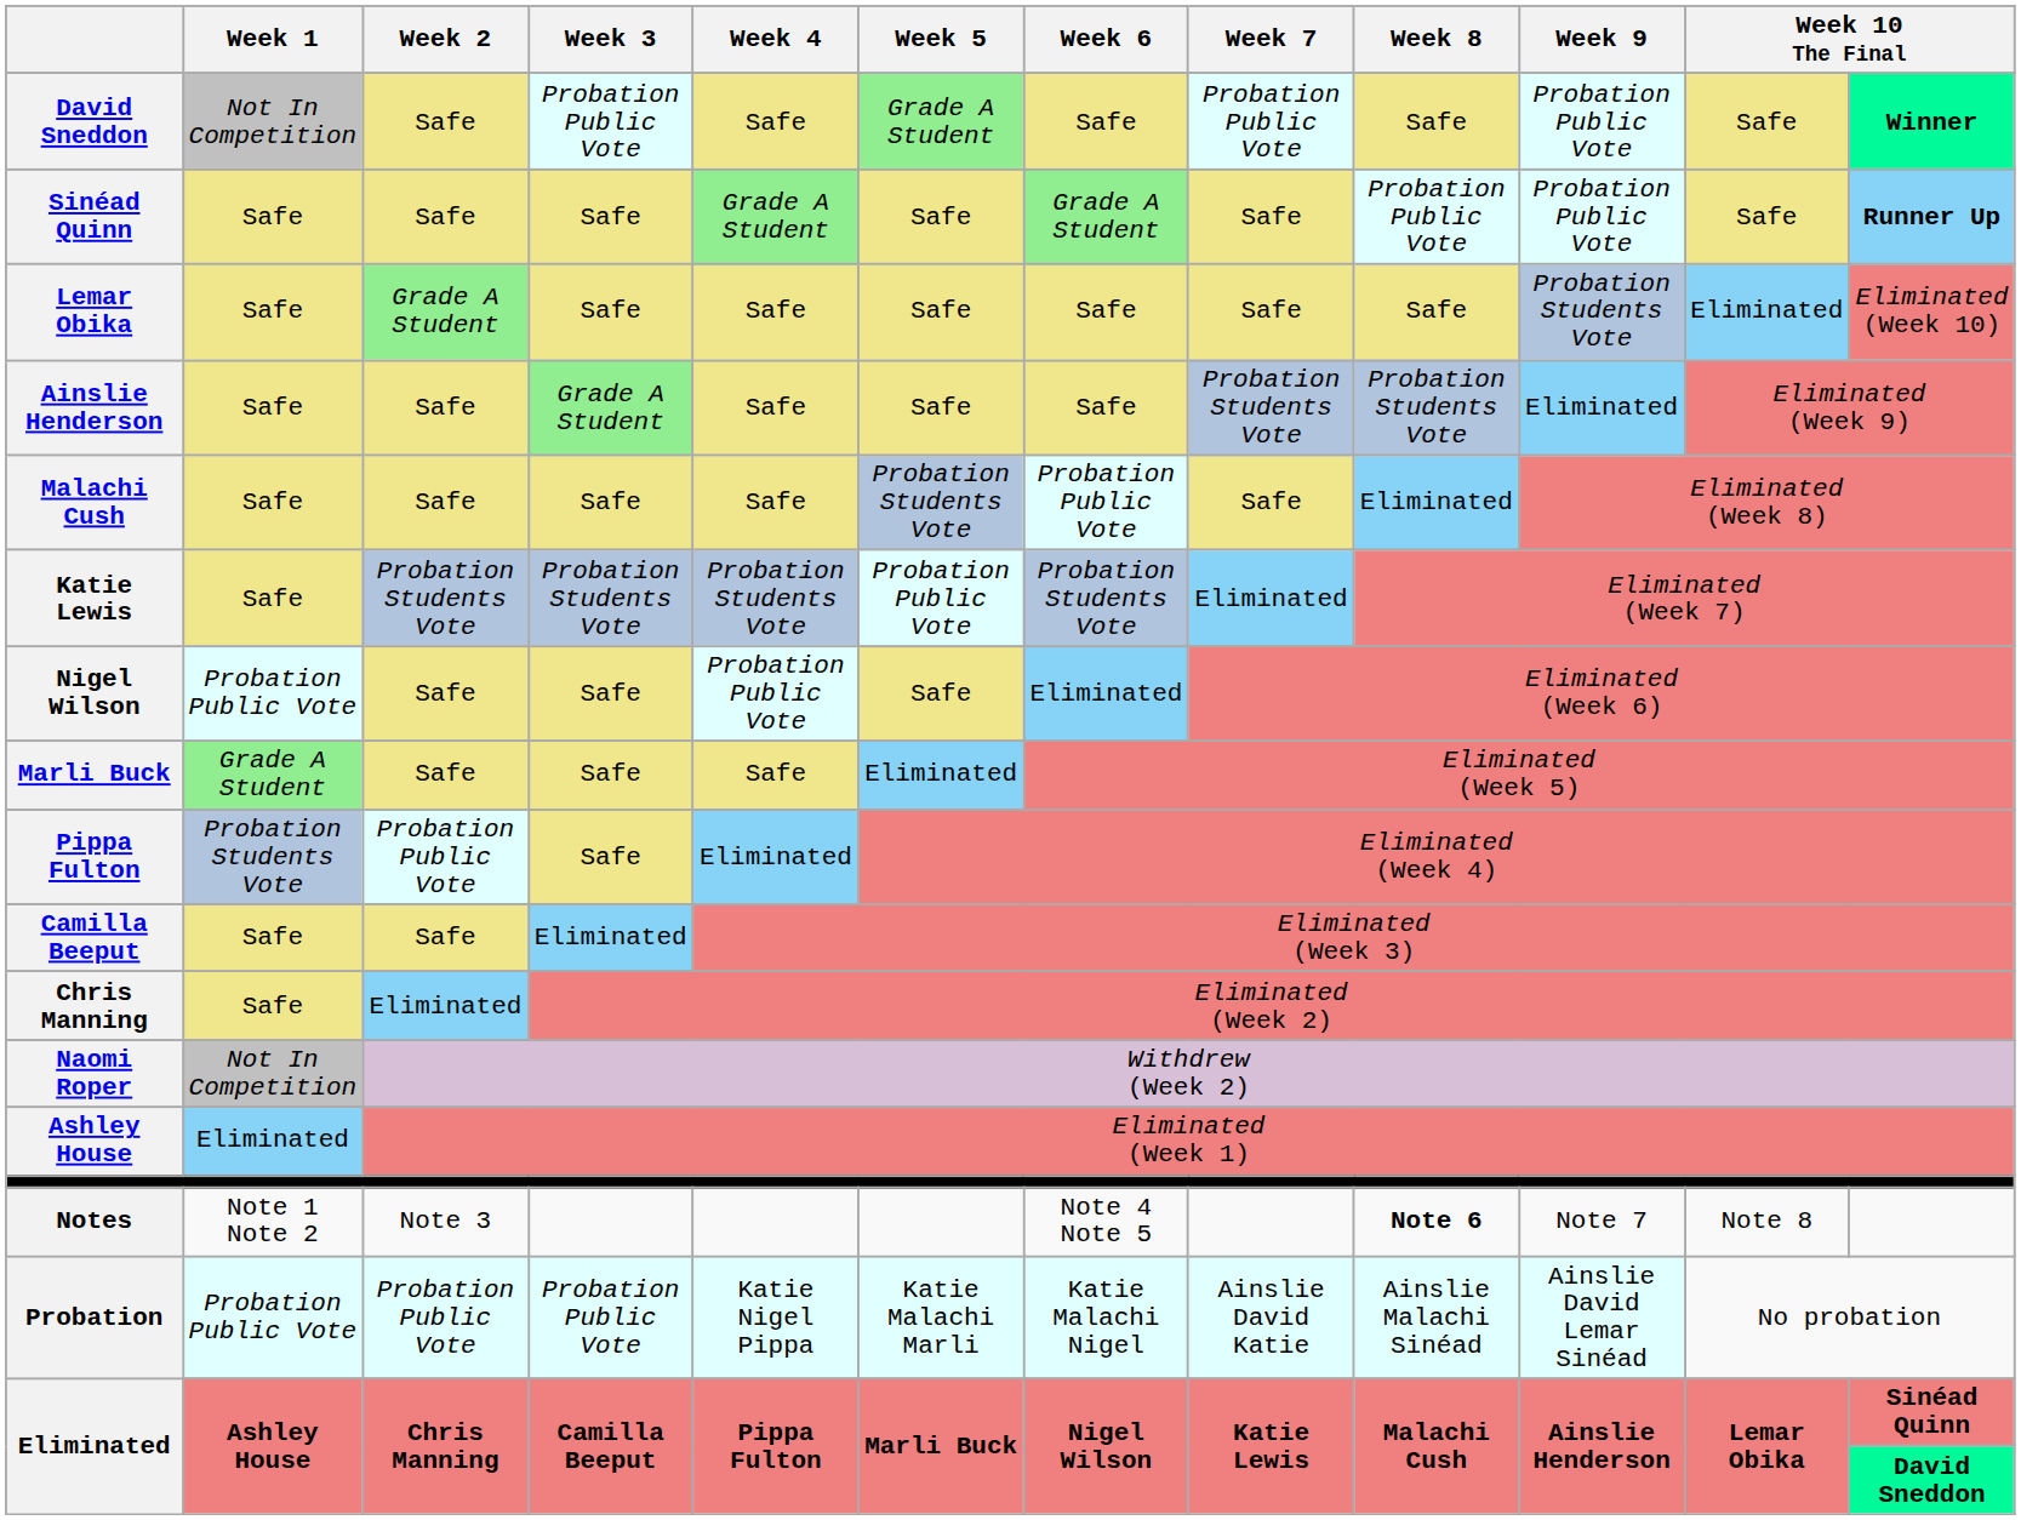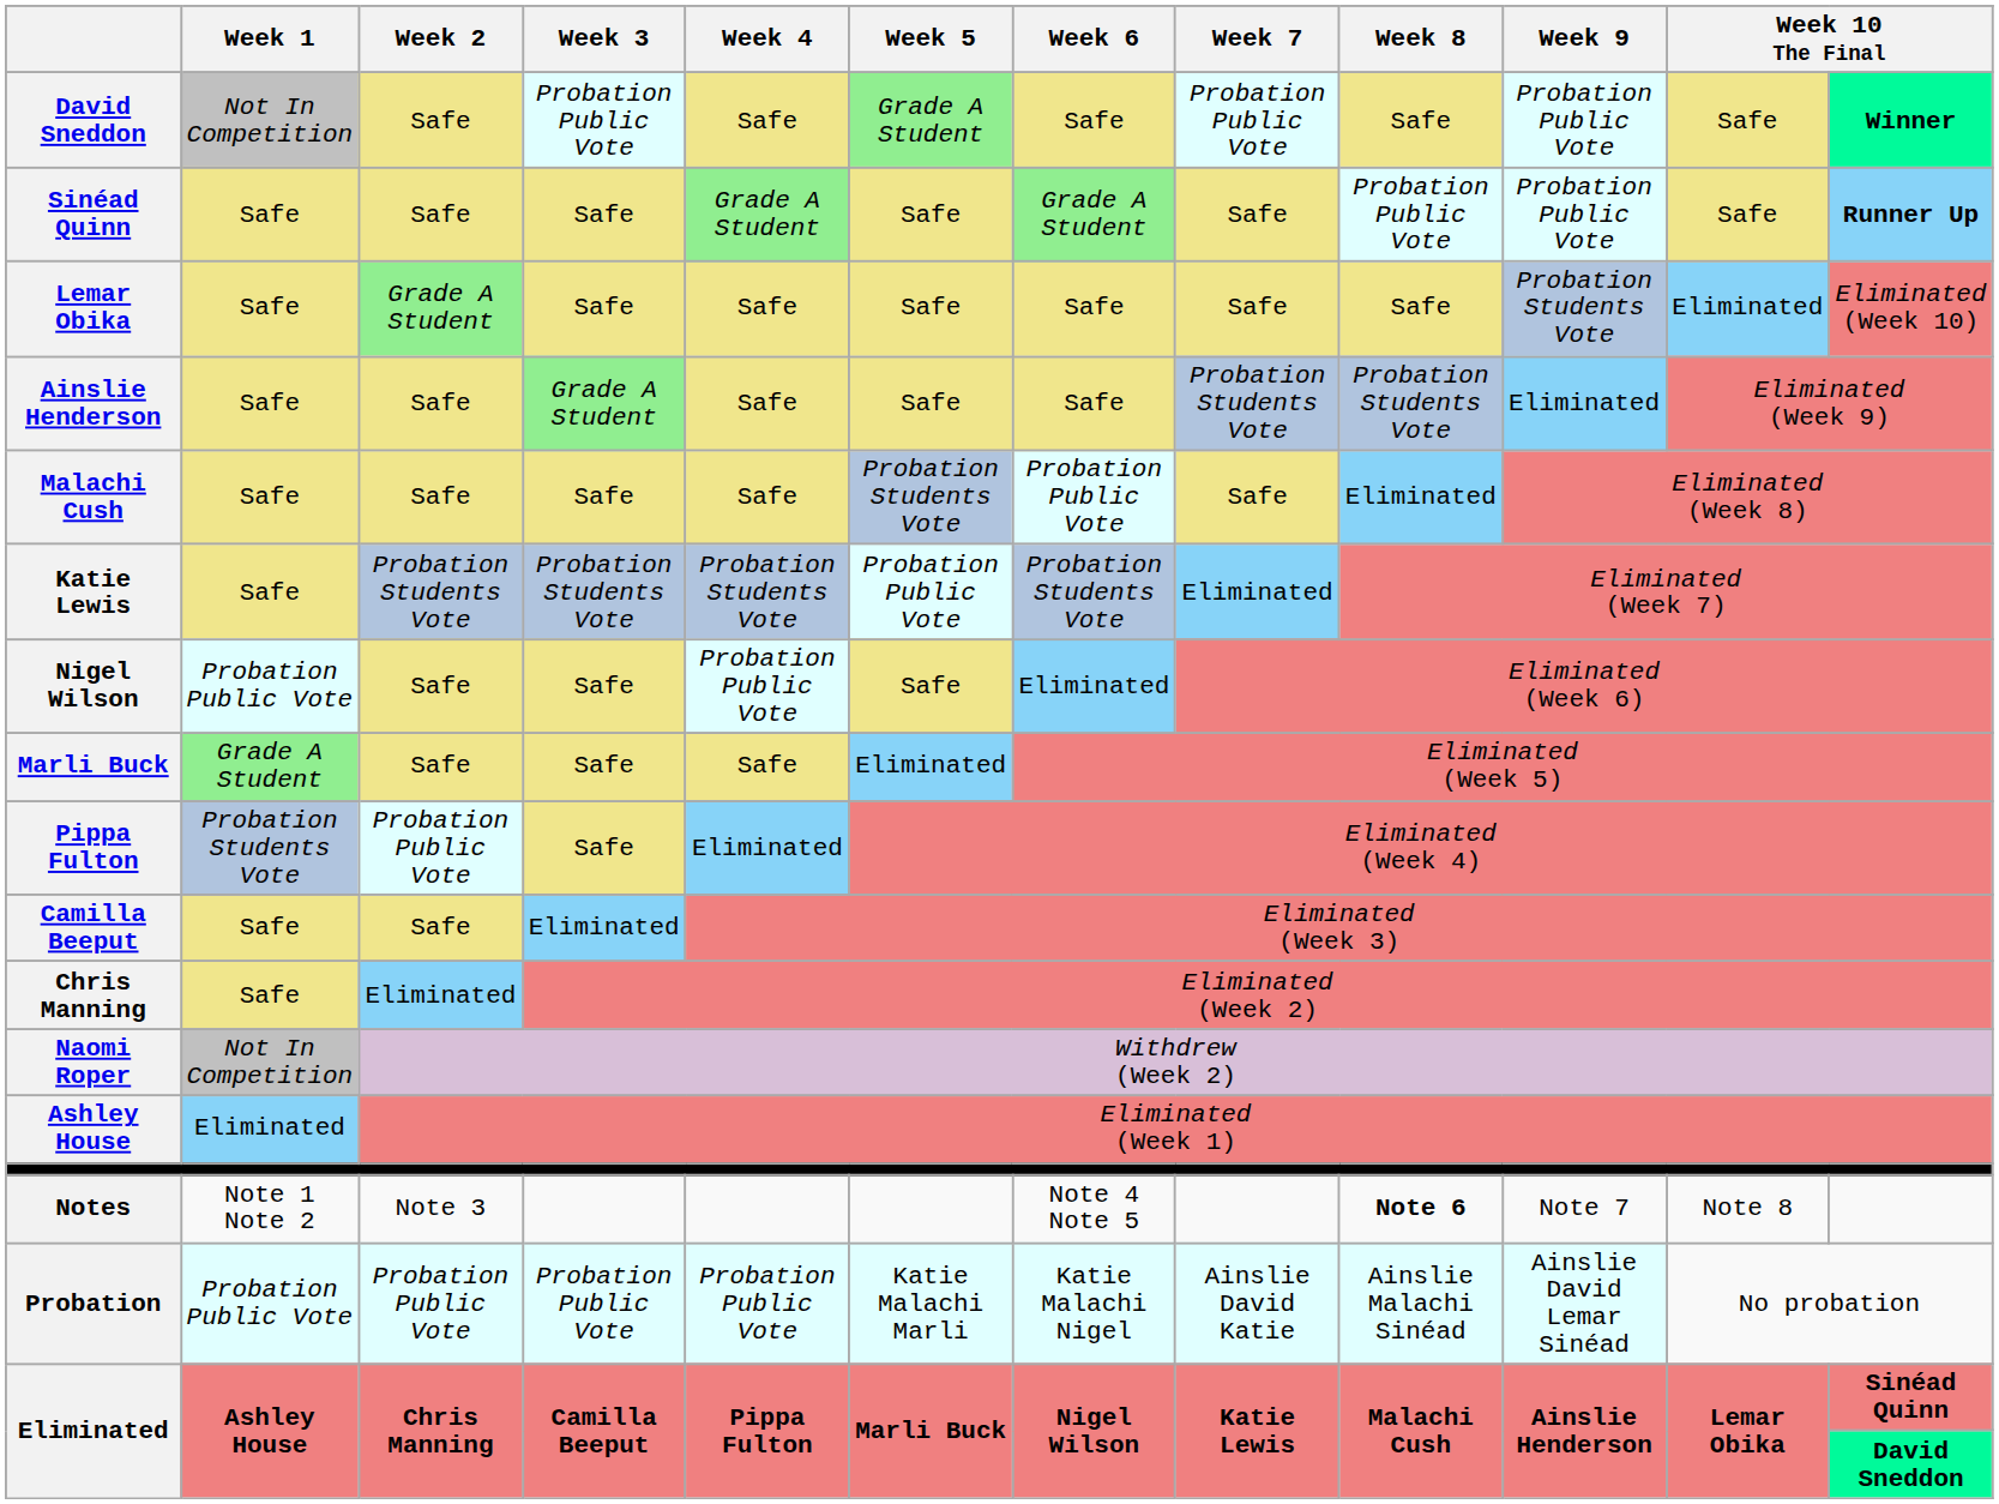 <table class="wikitable" style="text-align:center; font-size:85%">
 <tr>
 <th style="width:15%" colspan=2></th>
 <th style="width:7%">Week 1</th>
 <th style="width:7%">Week 2</th>
 <th style="width:7%">Week 3</th>
 <th style="width:7%">Week 4</th>
 <th style="width:7%">Week 5</th>
 <th style="width:7%">Week 6</th>
 <th style="width:7%">Week 7</th>
 <th style="width:7%">Week 8</th>
 <th style="width:7%">Week 9</th>
 <th style="width:7%" colspan=2>Week 10<br><small>The Final</small></th>
 </tr>
 <tr>
 <th colspan="2"><a href='#'>David Sneddon</a></th>
 <td style="background:silver"><em>Not In<br>Competition</em></td>
 <td style="background:#F0E68C">Safe</td>
 <td style="background:#E0FFFF"><em>Probation<br>Public Vote</em></td>
 <td style="background:#F0E68C">Safe</td>
 <td style="background:lightgreen"><em>Grade A<br>Student</em></td>
 <td style="background:#F0E68C">Safe</td>
 <td style="background:#E0FFFF"><em>Probation<br>Public Vote</em></td>
 <td style="background:#F0E68C">Safe</td>
 <td style="background:#E0FFFF"><em>Probation<br>Public Vote</em></td>
 <td style="background:#F0E68C">Safe</td>
 <td style="background:#00FA9A"><strong>Winner</strong></td>
 </tr>
 <tr>
 <th colspan="2"><a href='#'>Sinéad Quinn</a></th>
 <td style="background:#F0E68C">Safe</td>
 <td style="background:#F0E68C">Safe</td>
 <td style="background:#F0E68C">Safe</td>
 <td style="background:lightgreen"><em>Grade A<br>Student</em></td>
 <td style="background:#F0E68C">Safe</td>
 <td style="background:lightgreen"><em>Grade A<br>Student</em></td>
 <td style="background:#F0E68C">Safe</td>
 <td style="background:#E0FFFF"><em>Probation<br>Public Vote</em></td>
 <td style="background:#E0FFFF"><em>Probation<br>Public Vote</em></td>
 <td style="background:#F0E68C">Safe</td>
 <td style="background:#87D3F8"><strong>Runner Up</strong></td>
 </tr>
 <tr>
 <th colspan="2"><a href='#'>Lemar Obika</a></th>
 <td style="background:#F0E68C">Safe</td>
 <td style="background:lightgreen"><em>Grade A<br>Student</em></td>
 <td style="background:#F0E68C">Safe</td>
 <td style="background:#F0E68C">Safe</td>
 <td style="background:#F0E68C">Safe</td>
 <td style="background:#F0E68C">Safe</td>
 <td style="background:#F0E68C">Safe</td>
 <td style="background:#F0E68C">Safe</td>
 <td style="background:lightsteelblue"><em>Probation<br>Students Vote</em></td>
 <td style="background:#87D3F8">Eliminated</td>
 <td style="background:#F08080" colspan=1><em>Eliminated</em> <br> (Week 10)</td>
 </tr>
 <tr>
 <th colspan="2"><a href='#'>Ainslie Henderson</a></th>
 <td style="background:#F0E68C">Safe</td>
 <td style="background:#F0E68C">Safe</td>
 <td style="background:lightgreen"><em>Grade A<br>Student</em></td>
 <td style="background:#F0E68C">Safe</td>
 <td style="background:#F0E68C">Safe</td>
 <td style="background:#F0E68C">Safe</td>
 <td style="background:lightsteelblue"><em>Probation<br>Students Vote</em></td>
 <td style="background:lightsteelblue"><em>Probation<br>Students Vote</em></td>
 <td style="background:#87D3F8">Eliminated</td>
 <td style="background:#F08080" colspan=2><em>Eliminated</em> <br> (Week 9)</td>
 </tr>
 <tr>
 <th colspan="2"><a href='#'>Malachi Cush</a></th>
 <td style="background:#F0E68C">Safe</td>
 <td style="background:#F0E68C">Safe</td>
 <td style="background:#F0E68C">Safe</td>
 <td style="background:#F0E68C">Safe</td>
 <td style="background:lightsteelblue"><em>Probation<br>Students Vote</em></td>
 <td style="background:#E0FFFF"><em>Probation<br>Public Vote</em></td>
 <td style="background:#F0E68C">Safe</td>
 <td style="background:#87D3F8">Eliminated</td>
 <td style="background:#F08080" colspan=3><em>Eliminated</em> <br> (Week 8)</td>
 </tr>
 <tr>
 <th colspan="2">Katie Lewis</th>
 <td style="background:#F0E68C">Safe</td>
 <td style="background:lightsteelblue"><em>Probation<br>Students Vote</em></td>
 <td style="background:lightsteelblue"><em>Probation<br>Students Vote</em></td>
 <td style="background:lightsteelblue"><em>Probation<br>Students Vote</em></td>
 <td style="background:#E0FFFF"><em>Probation<br>Public Vote</em></td>
 <td style="background:lightsteelblue"><em>Probation<br>Students Vote</em></td>
 <td style="background:#87D3F8">Eliminated</td>
 <td style="background:#F08080" colspan=4><em>Eliminated</em><br>(Week 7)</td>
 </tr>
 <tr>
 <th colspan="2">Nigel Wilson</th>
 <td style="background:#E0FFFF"><em>Probation<br>Public Vote</em></td>
 <td style="background:#F0E68C">Safe</td>
 <td style="background:#F0E68C">Safe</td>
 <td style="background:#E0FFFF"><em>Probation<br>Public Vote</em></td>
 <td style="background:#F0E68C">Safe</td>
 <td style="background:#87D3F8">Eliminated</td>
 <td style="background:#F08080" colspan=5><em>Eliminated</em><br>(Week 6)</td>
 </tr>
 <tr>
 <th colspan="2"><a href='#'>Marli Buck</a></th>
 <td style="background:lightgreen"><em>Grade A<br>Student</em></td>
 <td style="background:#F0E68C">Safe</td>
 <td style="background:#F0E68C">Safe</td>
 <td style="background:#F0E68C">Safe</td>
 <td style="background:#87D3F8">Eliminated</td>
 <td style="background:#F08080" colspan=6><em>Eliminated</em><br>(Week 5)</td>
 </tr>
 <tr>
 <th colspan="2"><a href='#'>Pippa Fulton</a></th>
 <td style="background:lightsteelblue"><em>Probation<br>Students Vote</em></td>
 <td style="background:#E0FFFF"><em>Probation<br>Public Vote</em></td>
 <td style="background:#F0E68C">Safe</td>
 <td style="background:#87D3F8">Eliminated</td>
 <td style="background:#F08080" colspan=7><em>Eliminated</em><br>(Week 4)</td>
 </tr>
 <tr>
 <th colspan="2"><a href='#'>Camilla Beeput</a></th>
 <td style="background:#F0E68C">Safe</td>
 <td style="background:#F0E68C">Safe</td>
 <td style="background:#87D3F8">Eliminated</td>
 <td style="background:#F08080;" colspan=8><em>Eliminated</em><br>(Week 3)</td>
 </tr>
 <tr>
 <th colspan="2">Chris Manning</th>
 <td style="background:#F0E68C">Safe</td>
 <td style="background:#87D3F8">Eliminated</td>
 <td style="background:#F08080;" colspan=9><em>Eliminated</em><br>(Week 2)</td>
 </tr>
 <tr>
 <th colspan="2"><a href='#'>Naomi Roper</a></th>
 <td style="background:silver"><em>Not In<br>Competition</em></td>
 <td style="background:#D8BFD8" colspan=10><em>Withdrew</em><br>(Week 2)</td>
 </tr>
 <tr>
 <th colspan="2"><a href='#'>Ashley House</a></th>
 <td style="background:#87D3F8">Eliminated</td>
 <td style="background:#F08080;" colspan=10><em>Eliminated</em><br>(Week 1)</td>
 </tr>
 <tr>
 <td style="background:#000000" colspan=13></td>
 </tr>
 <tr>
 <th colspan=2>Notes</th>
 <td style="background:x">Note 1<br>Note 2</td>
 <td style="background:x">Note 3</td>
 <td style="background:x"></td>
 <td style="background:x"></td>
 <td style="background:x"></td>
 <td style="background:x">Note 4<br>Note 5</td>
 <td style="background:x"></td>
 <td style="background:x"><strong>Note 6</strong></td>
 <td style="background:x">Note 7</td>
 <td style="background:x">Note 8</td>
 <td style="background:x"></td>
 </tr>
 <tr>
 <th colspan=2>Probation</th>
 <td style="background:#E0FFFF"><em>Probation<br>Public Vote</em></td>
 <td style="background:#E0FFFF"><em>Probation<br>Public Vote</em></td>
 <td style="background:#E0FFFF"><em>Probation<br>Public Vote</em></td>
-<td style="background:#E0FFFF">Katie<br>Nigel<br>Pippa</td>
+<td style="background:#E0FFFF"><em>Probation<br>Public Vote</em></td>
 <td style="background:#E0FFFF">Katie<br>Malachi<br>Marli</td>
 <td style="background:#E0FFFF">Katie<br>Malachi<br>Nigel</td>
 <td style="background:#E0FFFF">Ainslie<br>David<br>Katie</td>
 <td style="background:#E0FFFF">Ainslie<br>Malachi<br>Sinéad</td>
 <td style="background:#E0FFFF">Ainslie<br>David<br>Lemar<br>Sinéad</td>
 <td colspan=2>No probation</td>
 </tr>
 <tr>
 <th colspan=2 rowspan=2>Eliminated</th>
 <td style="background:#F08080" rowspan="2"><strong>Ashley House</strong></td>
 <td style="background:#F08080" rowspan="2"><strong>Chris Manning</strong></td>
 <td style="background:#F08080" rowspan="2"><strong>Camilla Beeput</strong></td>
 <td style="background:#F08080" rowspan="2"><strong>Pippa Fulton</strong></td>
 <td style="background:#F08080" rowspan="2"><strong>Marli Buck</strong></td>
 <td style="background:#F08080" rowspan="2"><strong>Nigel Wilson</strong></td>
 <td style="background:#F08080" rowspan="2"><strong>Katie Lewis</strong></td>
 <td style="background:#F08080" rowspan="2"><strong>Malachi Cush</strong></td>
 <td style="background:#F08080" rowspan="2"><strong>Ainslie Henderson</strong></td>
 <td style="background:#F08080;width:5%" rowspan="2"><strong>Lemar Obika</strong></td>
 <td style="background:#F08080"><strong>Sinéad Quinn</strong></td>
 </tr>
 <tr>
 <td style="background:#00FA9A"><strong>David Sneddon</strong></td>
 </tr>
 </table>
